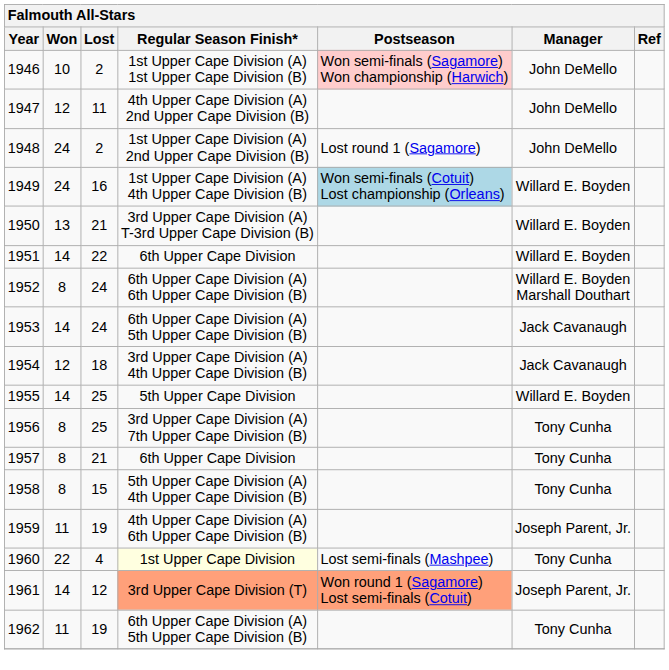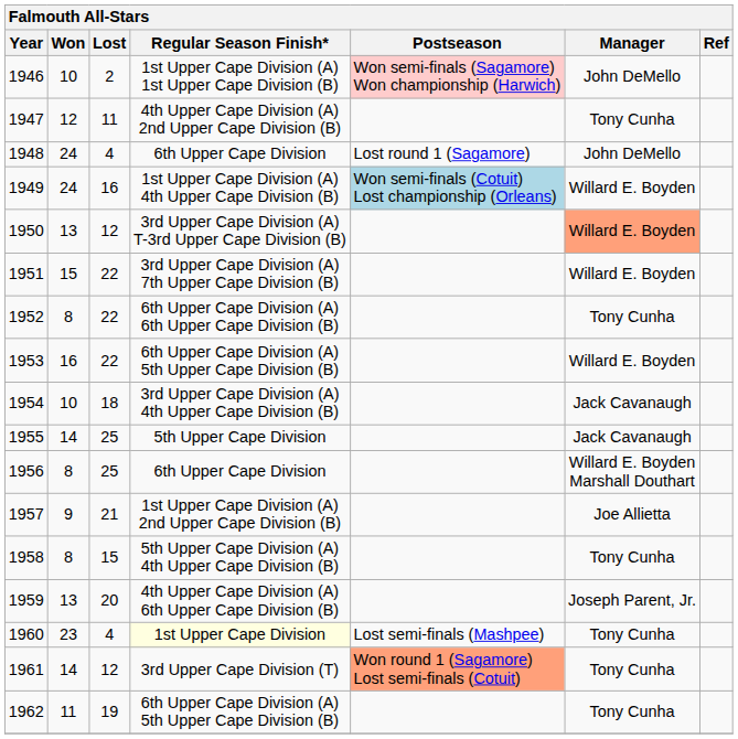 <table class="wikitable" style="text-align:center">
 <tr>
 <th style="text-align:left" colspan="7"><strong><span>Falmouth All-Stars</span></strong></th>
 </tr>
 <tr>
 <th scope="col">Year</th>
 <th scope="col">Won</th>
 <th scope="col">Lost</th>
 <th scope="col">Regular Season Finish*</th>
 <th scope="col">Postseason</th>
 <th scope="col">Manager</th>
 <th scope="col">Ref</th>
 </tr>
 <tr>
 <td>1946</td>
 <td>10</td>
 <td>2</td>
 <td>1st Upper Cape Division (A)<br>1st Upper Cape Division (B)</td>
 <td style="text-align:left" bgcolor=#ffcccc>Won semi-finals (<a href='#'>Sagamore</a>)<br>Won championship (<a href='#'>Harwich</a>)</td>
 <td>John DeMello</td>
 <td></td>
 </tr>
 <tr>
 <td>1947</td>
 <td>12</td>
 <td>11</td>
 <td>4th Upper Cape Division (A)<br>2nd Upper Cape Division (B)</td>
 <td></td>
-<td>John DeMello</td>
+<td>Tony Cunha</td>
 <td></td>
 </tr>
 <tr>
 <td>1948</td>
 <td>24</td>
-<td>2</td>
-<td>1st Upper Cape Division (A)<br>2nd Upper Cape Division (B)</td>
+<td>4</td>
+<td>6th Upper Cape Division</td>
 <td style="text-align:left">Lost round 1 (<a href='#'>Sagamore</a>)</td>
 <td>John DeMello</td>
 <td></td>
 </tr>
 <tr>
 <td>1949</td>
 <td>24</td>
 <td>16</td>
 <td>1st Upper Cape Division (A)<br>4th Upper Cape Division (B)</td>
 <td style="background: lightblue; text-align:left">Won semi-finals (<a href='#'>Cotuit</a>)<br>Lost championship (<a href='#'>Orleans</a>)</td>
 <td>Willard E. Boyden</td>
 <td></td>
 </tr>
 <tr>
 <td>1950</td>
 <td>13</td>
-<td>21</td>
+<td>12</td>
 <td>3rd Upper Cape Division (A)<br>T-3rd Upper Cape Division (B)</td>
 <td></td>
-<td>Willard E. Boyden</td>
+<td style="background: lightsalmon;">Willard E. Boyden</td>
 <td></td>
 </tr>
 <tr>
 <td>1951</td>
-<td>14</td>
+<td>15</td>
 <td>22</td>
-<td>6th Upper Cape Division</td>
+<td>3rd Upper Cape Division (A)<br>7th Upper Cape Division (B)</td>
 <td></td>
 <td>Willard E. Boyden</td>
 <td></td>
 </tr>
 <tr>
 <td>1952</td>
 <td>8</td>
-<td>24</td>
+<td>22</td>
 <td>6th Upper Cape Division (A)<br>6th Upper Cape Division (B)</td>
 <td></td>
-<td>Willard E. Boyden<br>Marshall Douthart</td>
+<td>Tony Cunha</td>
 <td></td>
 </tr>
 <tr>
 <td>1953</td>
-<td>14</td>
-<td>24</td>
+<td>16</td>
+<td>22</td>
 <td>6th Upper Cape Division (A)<br>5th Upper Cape Division (B)</td>
 <td></td>
-<td>Jack Cavanaugh</td>
+<td>Willard E. Boyden</td>
 <td></td>
 </tr>
 <tr>
 <td>1954</td>
-<td>12</td>
+<td>10</td>
 <td>18</td>
 <td>3rd Upper Cape Division (A)<br>4th Upper Cape Division (B)</td>
 <td></td>
 <td>Jack Cavanaugh</td>
 <td></td>
 </tr>
 <tr>
 <td>1955</td>
 <td>14</td>
 <td>25</td>
 <td>5th Upper Cape Division</td>
 <td></td>
-<td>Willard E. Boyden</td>
+<td>Jack Cavanaugh</td>
 <td></td>
 </tr>
 <tr>
 <td>1956</td>
 <td>8</td>
 <td>25</td>
-<td>3rd Upper Cape Division (A)<br>7th Upper Cape Division (B)</td>
+<td>6th Upper Cape Division</td>
 <td></td>
-<td>Tony Cunha</td>
+<td>Willard E. Boyden<br>Marshall Douthart</td>
 <td></td>
 </tr>
 <tr>
 <td>1957</td>
-<td>8</td>
+<td>9</td>
 <td>21</td>
-<td>6th Upper Cape Division</td>
+<td>1st Upper Cape Division (A)<br>2nd Upper Cape Division (B)</td>
 <td></td>
-<td>Tony Cunha</td>
+<td>Joe Allietta</td>
 <td></td>
 </tr>
 <tr>
 <td>1958</td>
 <td>8</td>
 <td>15</td>
 <td>5th Upper Cape Division (A)<br>4th Upper Cape Division (B)</td>
 <td></td>
 <td>Tony Cunha</td>
 <td></td>
 </tr>
 <tr>
 <td>1959</td>
-<td>11</td>
-<td>19</td>
+<td>13</td>
+<td>20</td>
 <td>4th Upper Cape Division (A)<br>6th Upper Cape Division (B)</td>
 <td></td>
 <td>Joseph Parent, Jr.</td>
 <td></td>
 </tr>
 <tr>
 <td>1960</td>
-<td>22</td>
+<td>23</td>
 <td>4</td>
 <td style="background: lightyellow;">1st Upper Cape Division</td>
 <td style="text-align:left">Lost semi-finals (<a href='#'>Mashpee</a>)</td>
 <td>Tony Cunha</td>
 <td></td>
 </tr>
 <tr>
 <td>1961</td>
 <td>14</td>
 <td>12</td>
-<td style="background: lightsalmon;">3rd Upper Cape Division (T)</td>
+<td>3rd Upper Cape Division (T)</td>
 <td style="background: lightsalmon; text-align:left">Won round 1 (<a href='#'>Sagamore</a>)<br>Lost semi-finals (<a href='#'>Cotuit</a>)</td>
-<td>Joseph Parent, Jr.</td>
+<td>Tony Cunha</td>
 <td></td>
 </tr>
 <tr>
 <td>1962</td>
 <td>11</td>
 <td>19</td>
 <td>6th Upper Cape Division (A)<br>5th Upper Cape Division (B)</td>
 <td></td>
 <td>Tony Cunha</td>
 <td></td>
 </tr>
 <tr>
 </tr>
 </table>
